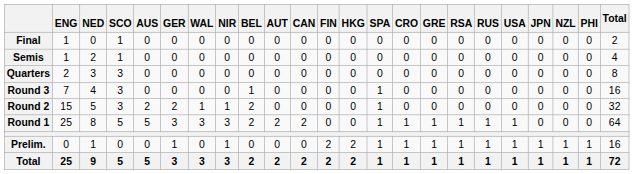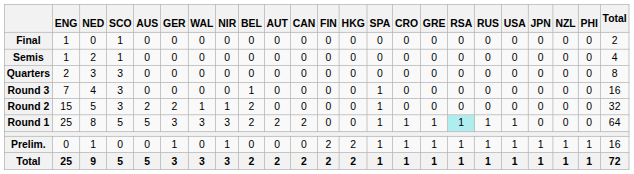 <table class="wikitable">
 <tr>
 <th></th>
 <th> <br>ENG</th>
 <th> <br>NED</th>
 <th> <br>SCO</th>
 <th> <br>AUS</th>
 <th> <br>GER</th>
 <th> <br>WAL</th>
 <th> <br>NIR</th>
 <th> <br>BEL</th>
 <th> <br>AUT</th>
 <th> <br>CAN</th>
 <th> <br>FIN</th>
 <th> <br>HKG</th>
 <th> <br>SPA</th>
 <th> <br>CRO</th>
 <th> <br>GRE</th>
 <th> <br>RSA</th>
 <th> <br>RUS</th>
 <th> <br>USA</th>
 <th> <br>JPN</th>
 <th> <br>NZL</th>
 <th> <br>PHI</th>
 <th>Total</th>
 </tr>
 <tr align="center">
 <th>Final</th>
 <td>1</td>
 <td>0</td>
 <td>1</td>
 <td>0</td>
 <td>0</td>
 <td>0</td>
 <td>0</td>
 <td>0</td>
 <td>0</td>
 <td>0</td>
 <td>0</td>
 <td>0</td>
 <td>0</td>
 <td>0</td>
 <td>0</td>
 <td>0</td>
 <td>0</td>
 <td>0</td>
 <td>0</td>
 <td>0</td>
 <td>0</td>
 <td>2</td>
 </tr>
 <tr align="center">
 <th>Semis</th>
 <td>1</td>
 <td>2</td>
 <td>1</td>
 <td>0</td>
 <td>0</td>
 <td>0</td>
 <td>0</td>
 <td>0</td>
 <td>0</td>
 <td>0</td>
 <td>0</td>
 <td>0</td>
 <td>0</td>
 <td>0</td>
 <td>0</td>
 <td>0</td>
 <td>0</td>
 <td>0</td>
 <td>0</td>
 <td>0</td>
 <td>0</td>
 <td>4</td>
 </tr>
 <tr align="center">
 <th>Quarters</th>
 <td>2</td>
 <td>3</td>
 <td>3</td>
 <td>0</td>
 <td>0</td>
 <td>0</td>
 <td>0</td>
 <td>0</td>
 <td>0</td>
 <td>0</td>
 <td>0</td>
 <td>0</td>
 <td>0</td>
 <td>0</td>
 <td>0</td>
 <td>0</td>
 <td>0</td>
 <td>0</td>
 <td>0</td>
 <td>0</td>
 <td>0</td>
 <td>8</td>
 </tr>
 <tr align="center">
 <th>Round 3</th>
 <td>7</td>
 <td>4</td>
 <td>3</td>
 <td>0</td>
 <td>0</td>
 <td>0</td>
 <td>0</td>
 <td>1</td>
 <td>0</td>
 <td>0</td>
 <td>0</td>
 <td>0</td>
 <td>1</td>
 <td>0</td>
 <td>0</td>
 <td>0</td>
 <td>0</td>
 <td>0</td>
 <td>0</td>
 <td>0</td>
 <td>0</td>
 <td>16</td>
 </tr>
 <tr align="center">
 <th>Round 2</th>
 <td>15</td>
 <td>5</td>
 <td>3</td>
 <td>2</td>
 <td>2</td>
 <td>1</td>
 <td>1</td>
 <td>2</td>
 <td>0</td>
 <td>0</td>
 <td>0</td>
 <td>0</td>
 <td>1</td>
 <td>0</td>
 <td>0</td>
 <td>0</td>
 <td>0</td>
 <td>0</td>
 <td>0</td>
 <td>0</td>
 <td>0</td>
 <td>32</td>
 </tr>
 <tr align="center">
 <th>Round 1</th>
 <td>25</td>
 <td>8</td>
 <td>5</td>
 <td>5</td>
 <td>3</td>
 <td>3</td>
 <td>3</td>
 <td>2</td>
 <td>2</td>
 <td>2</td>
 <td>0</td>
 <td>0</td>
 <td>1</td>
 <td>1</td>
 <td>1</td>
-<td>1</td>
+<td style="background: paleturquoise;">1</td>
 <td>1</td>
 <td>1</td>
 <td>0</td>
 <td>0</td>
 <td>0</td>
 <td>64</td>
 </tr>
 <tr align="center">
 <th colspan=23></th>
 </tr>
 <tr align="center">
 <th>Prelim.</th>
 <td>0</td>
 <td>1</td>
 <td>0</td>
 <td>0</td>
 <td>1</td>
 <td>0</td>
 <td>1</td>
 <td>0</td>
 <td>0</td>
 <td>0</td>
 <td>2</td>
 <td>2</td>
 <td>1</td>
 <td>1</td>
 <td>1</td>
 <td>1</td>
 <td>1</td>
 <td>1</td>
 <td>1</td>
 <td>1</td>
 <td>1</td>
 <td>16</td>
 </tr>
 <tr>
 <th>Total</th>
 <th>25</th>
 <th>9</th>
 <th>5</th>
 <th>5</th>
 <th>3</th>
 <th>3</th>
 <th>3</th>
 <th>2</th>
 <th>2</th>
 <th>2</th>
 <th>2</th>
 <th>2</th>
 <th>1</th>
 <th>1</th>
 <th>1</th>
 <th>1</th>
 <th>1</th>
 <th>1</th>
 <th>1</th>
 <th>1</th>
 <th>1</th>
 <th>72</th>
 </tr>
 </table>
